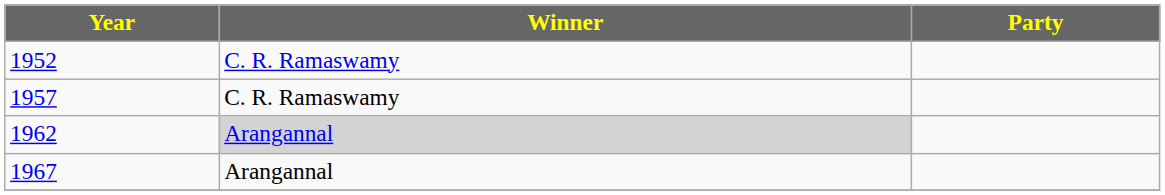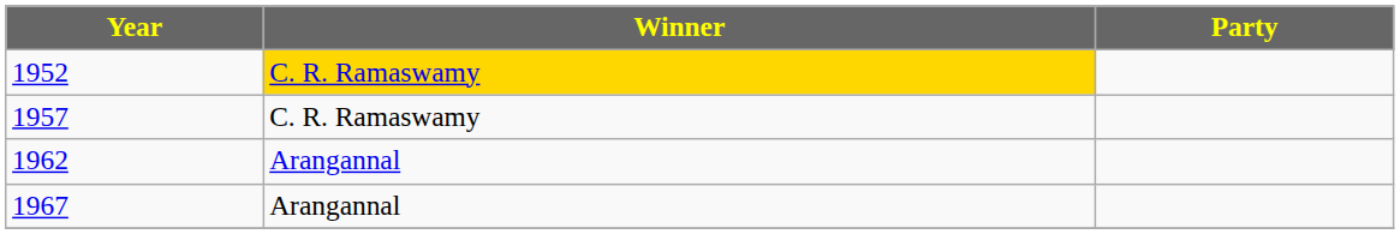 <table class="wikitable" width="50%">
 <tr>
 <th style="background-color:#666666; color:yellow">Year</th>
 <th style="background-color:#666666; color:yellow">Winner</th>
 <th style="background-color:#666666; color:yellow" colspan="2">Party</th>
 </tr>
 <tr>
 <td><a href='#'>1952</a></td>
-<td><a href='#'>C. R. Ramaswamy</a></td>
+<td style="background: gold;"><a href='#'>C. R. Ramaswamy</a></td>
 <td></td>
 </tr>
 <tr>
 <td><a href='#'>1957</a></td>
 <td>C. R. Ramaswamy</td>
 <td></td>
 </tr>
 <tr>
 <td><a href='#'>1962</a></td>
-<td style="background: lightgrey;"><a href='#'>Arangannal</a></td>
+<td><a href='#'>Arangannal</a></td>
 <td></td>
 </tr>
 <tr>
 <td><a href='#'>1967</a></td>
 <td>Arangannal</td>
 <td></td>
 </tr>
 <tr>
 </tr>
 </table>
